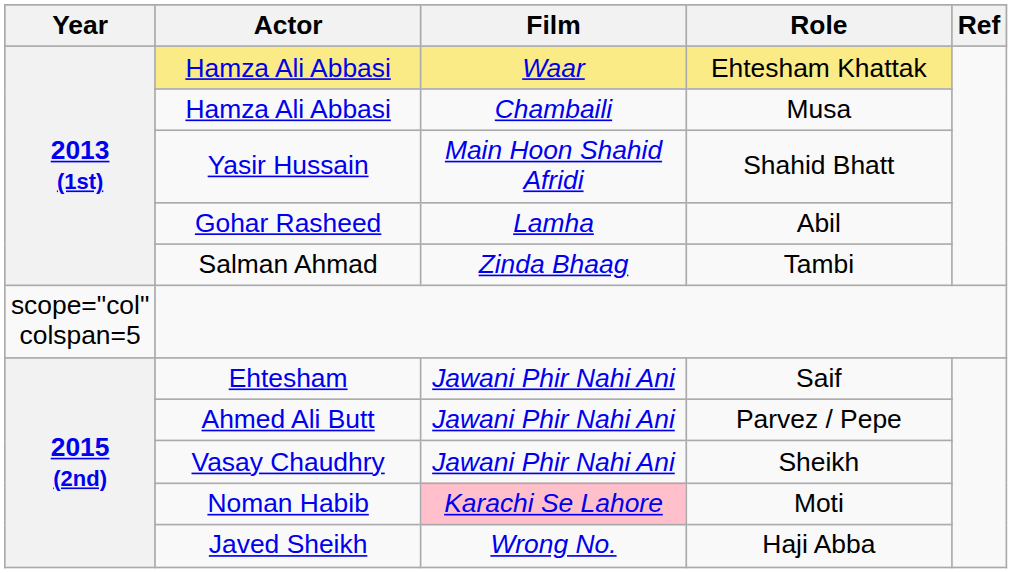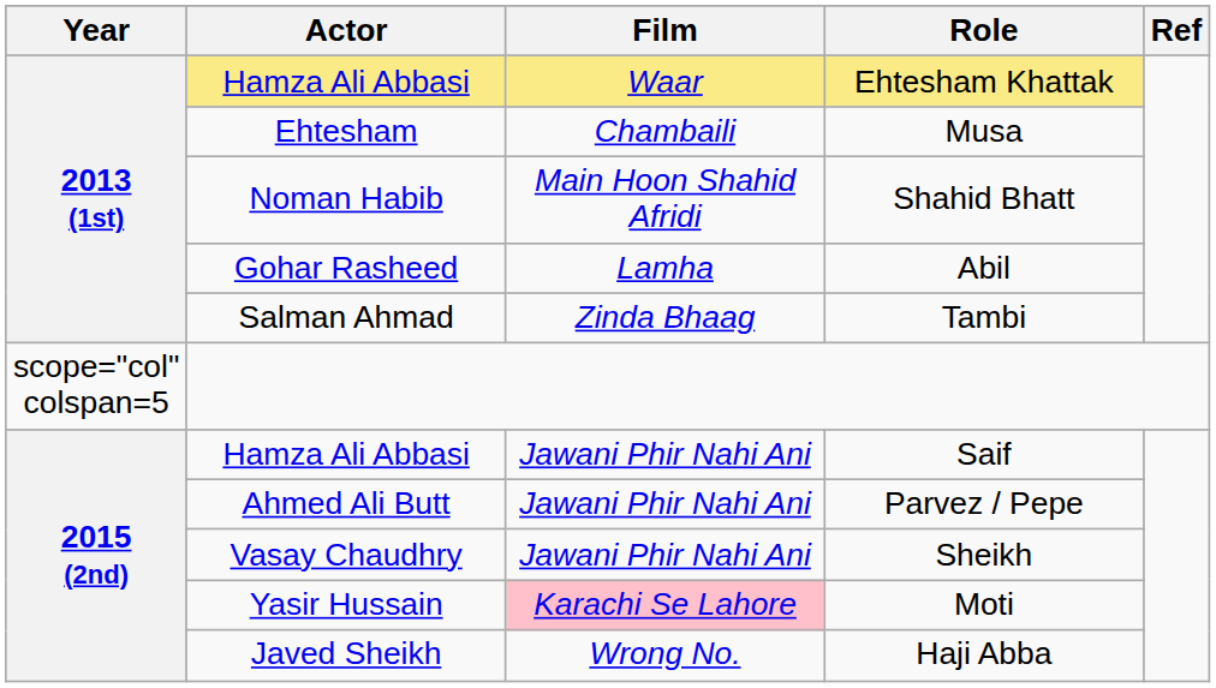 <table class="wikitable" style="text-align:center;">
 <tr style="background:#bebebe;">
 <th scope="col" style="width:8%;">Year</th>
 <th scope="col" style="width:30%;">Actor</th>
 <th scope="col" style="width:30%;">Film</th>
 <th scope="col" style="width:30%;">Role</th>
 <th scope="col" style="width:2%;">Ref</th>
 </tr>
 <tr>
 <th scope="row"  rowspan=5 style="text-align:center"><strong><a href='#'>2013</a></strong><br><small><a href='#'>(1st)</a></small></th>
 <td style="background:#FAEB86"><a href='#'>Hamza Ali Abbasi</a></td>
 <td style="background:#FAEB86"><em><a href='#'>Waar</a></em></td>
 <td style="background:#FAEB86">Ehtesham Khattak</td>
 <td rowspan=5></td>
 </tr>
 <tr>
-<td><a href='#'>Hamza Ali Abbasi</a></td>
+<td><a href='#'>Ehtesham</a></td>
 <td><em><a href='#'>Chambaili</a></em></td>
 <td>Musa</td>
 </tr>
 <tr>
-<td><a href='#'>Yasir Hussain</a></td>
+<td><a href='#'>Noman Habib</a></td>
 <td><em><a href='#'>Main Hoon Shahid Afridi</a></em></td>
 <td>Shahid Bhatt</td>
 </tr>
 <tr>
 <td><a href='#'>Gohar Rasheed</a></td>
 <td><em><a href='#'>Lamha</a></em></td>
 <td>Abil</td>
 </tr>
 <tr>
 <td>Salman Ahmad</td>
 <td><em><a href='#'>Zinda Bhaag</a></em></td>
 <td>Tambi</td>
 </tr>
 <tr>
 <td>scope="col" colspan=5 </td>
 </tr>
 <tr>
 <th scope="row"  rowspan=6 style="text-align:center"><strong><a href='#'>2015</a></strong><br><small><a href='#'>(2nd)</a></small></th>
-<td><a href='#'>Ehtesham</a></td>
+<td><a href='#'>Hamza Ali Abbasi</a></td>
 <td><em><a href='#'>Jawani Phir Nahi Ani</a></em></td>
 <td>Saif</td>
 <td rowspan=6></td>
 </tr>
 <tr>
 <td><a href='#'>Ahmed Ali Butt</a></td>
 <td><em><a href='#'>Jawani Phir Nahi Ani</a></em></td>
 <td>Parvez / Pepe</td>
 </tr>
 <tr>
 <td><a href='#'>Vasay Chaudhry</a></td>
 <td><em><a href='#'>Jawani Phir Nahi Ani</a></em></td>
 <td>Sheikh</td>
 </tr>
 <tr>
-<td><a href='#'>Noman Habib</a></td>
+<td><a href='#'>Yasir Hussain</a></td>
 <td style="background: pink;"><em><a href='#'>Karachi Se Lahore</a></em></td>
 <td>Moti</td>
 </tr>
 <tr>
 <td><a href='#'>Javed Sheikh</a></td>
 <td><em><a href='#'>Wrong No.</a></em></td>
 <td>Haji Abba</td>
 </tr>
 </table>
